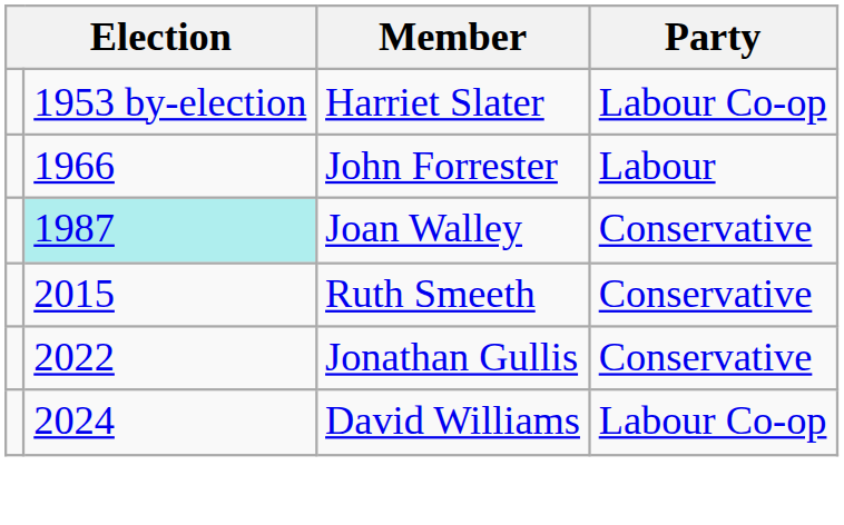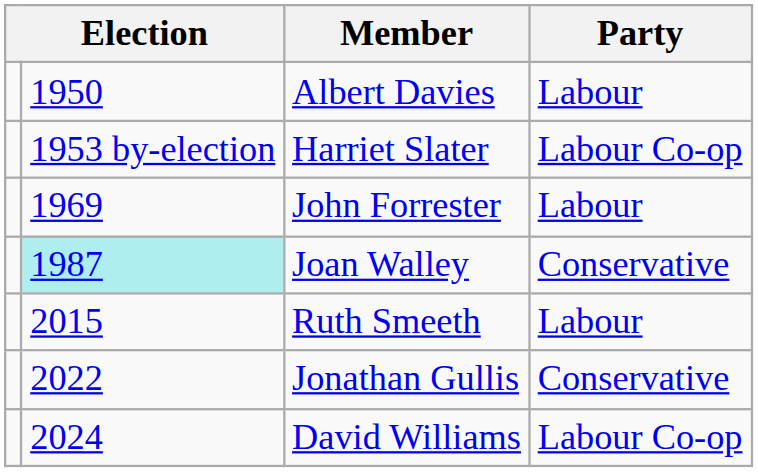 <table class="wikitable">
 <tr>
 <th colspan="2">Election</th>
 <th>Member</th>
 <th>Party</th>
+</tr>
+<tr>
+<td style="color:inherit;background-color: "></td>
+<td><a href='#'>1950</a></td>
+<td><a href='#'>Albert Davies</a></td>
+<td><a href='#'>Labour</a></td>
 </tr>
 <tr>
 <td style="color:inherit;background-color: "></td>
 <td><a href='#'>1953 by-election</a></td>
 <td><a href='#'>Harriet Slater</a></td>
 <td><a href='#'>Labour Co-op</a></td>
 </tr>
 <tr>
 <td style="color:inherit;background-color: "></td>
-<td><a href='#'>1966</a></td>
+<td><a href='#'>1969</a></td>
 <td><a href='#'>John Forrester</a></td>
 <td><a href='#'>Labour</a></td>
 </tr>
 <tr>
 <td style="color:inherit;background-color: "></td>
 <td style="background: paleturquoise;"><a href='#'>1987</a></td>
 <td><a href='#'>Joan Walley</a></td>
 <td><a href='#'>Conservative</a></td>
 </tr>
 <tr>
 <td style="color:inherit;background-color: "></td>
 <td><a href='#'>2015</a></td>
 <td><a href='#'>Ruth Smeeth</a></td>
-<td><a href='#'>Conservative</a></td>
+<td><a href='#'>Labour</a></td>
 </tr>
 <tr>
 <td style="color:inherit;background-color: "></td>
 <td><a href='#'>2022</a></td>
 <td><a href='#'>Jonathan Gullis</a></td>
 <td><a href='#'>Conservative</a></td>
 </tr>
 <tr>
 <td style="color:inherit;background-color: "></td>
 <td><a href='#'>2024</a></td>
 <td><a href='#'>David Williams</a></td>
 <td><a href='#'>Labour Co-op</a></td>
 </tr>
 </table>
